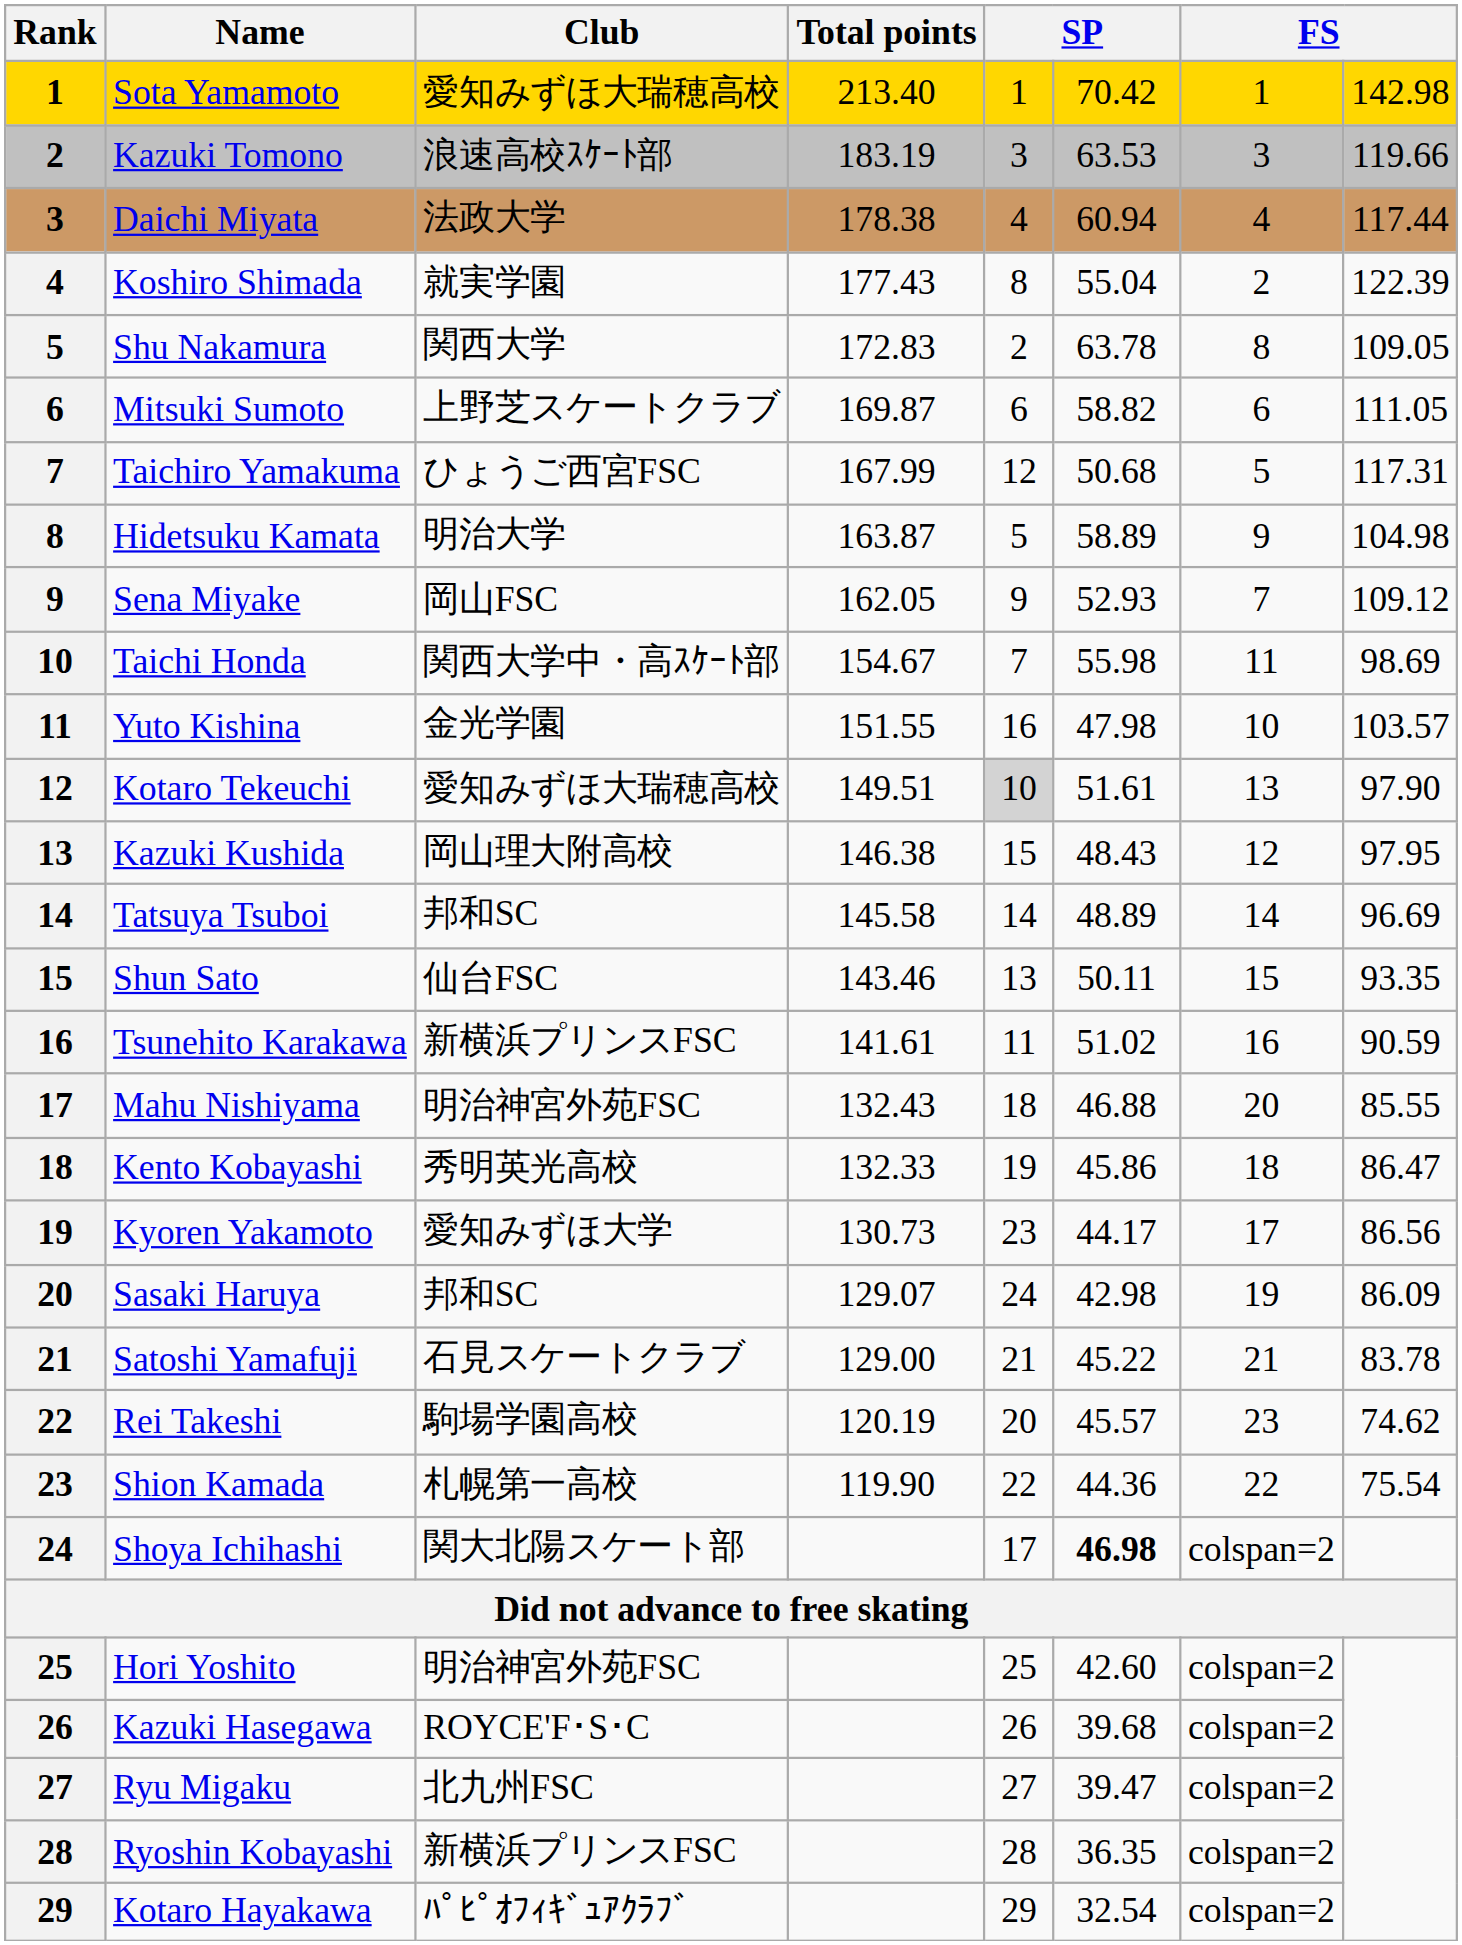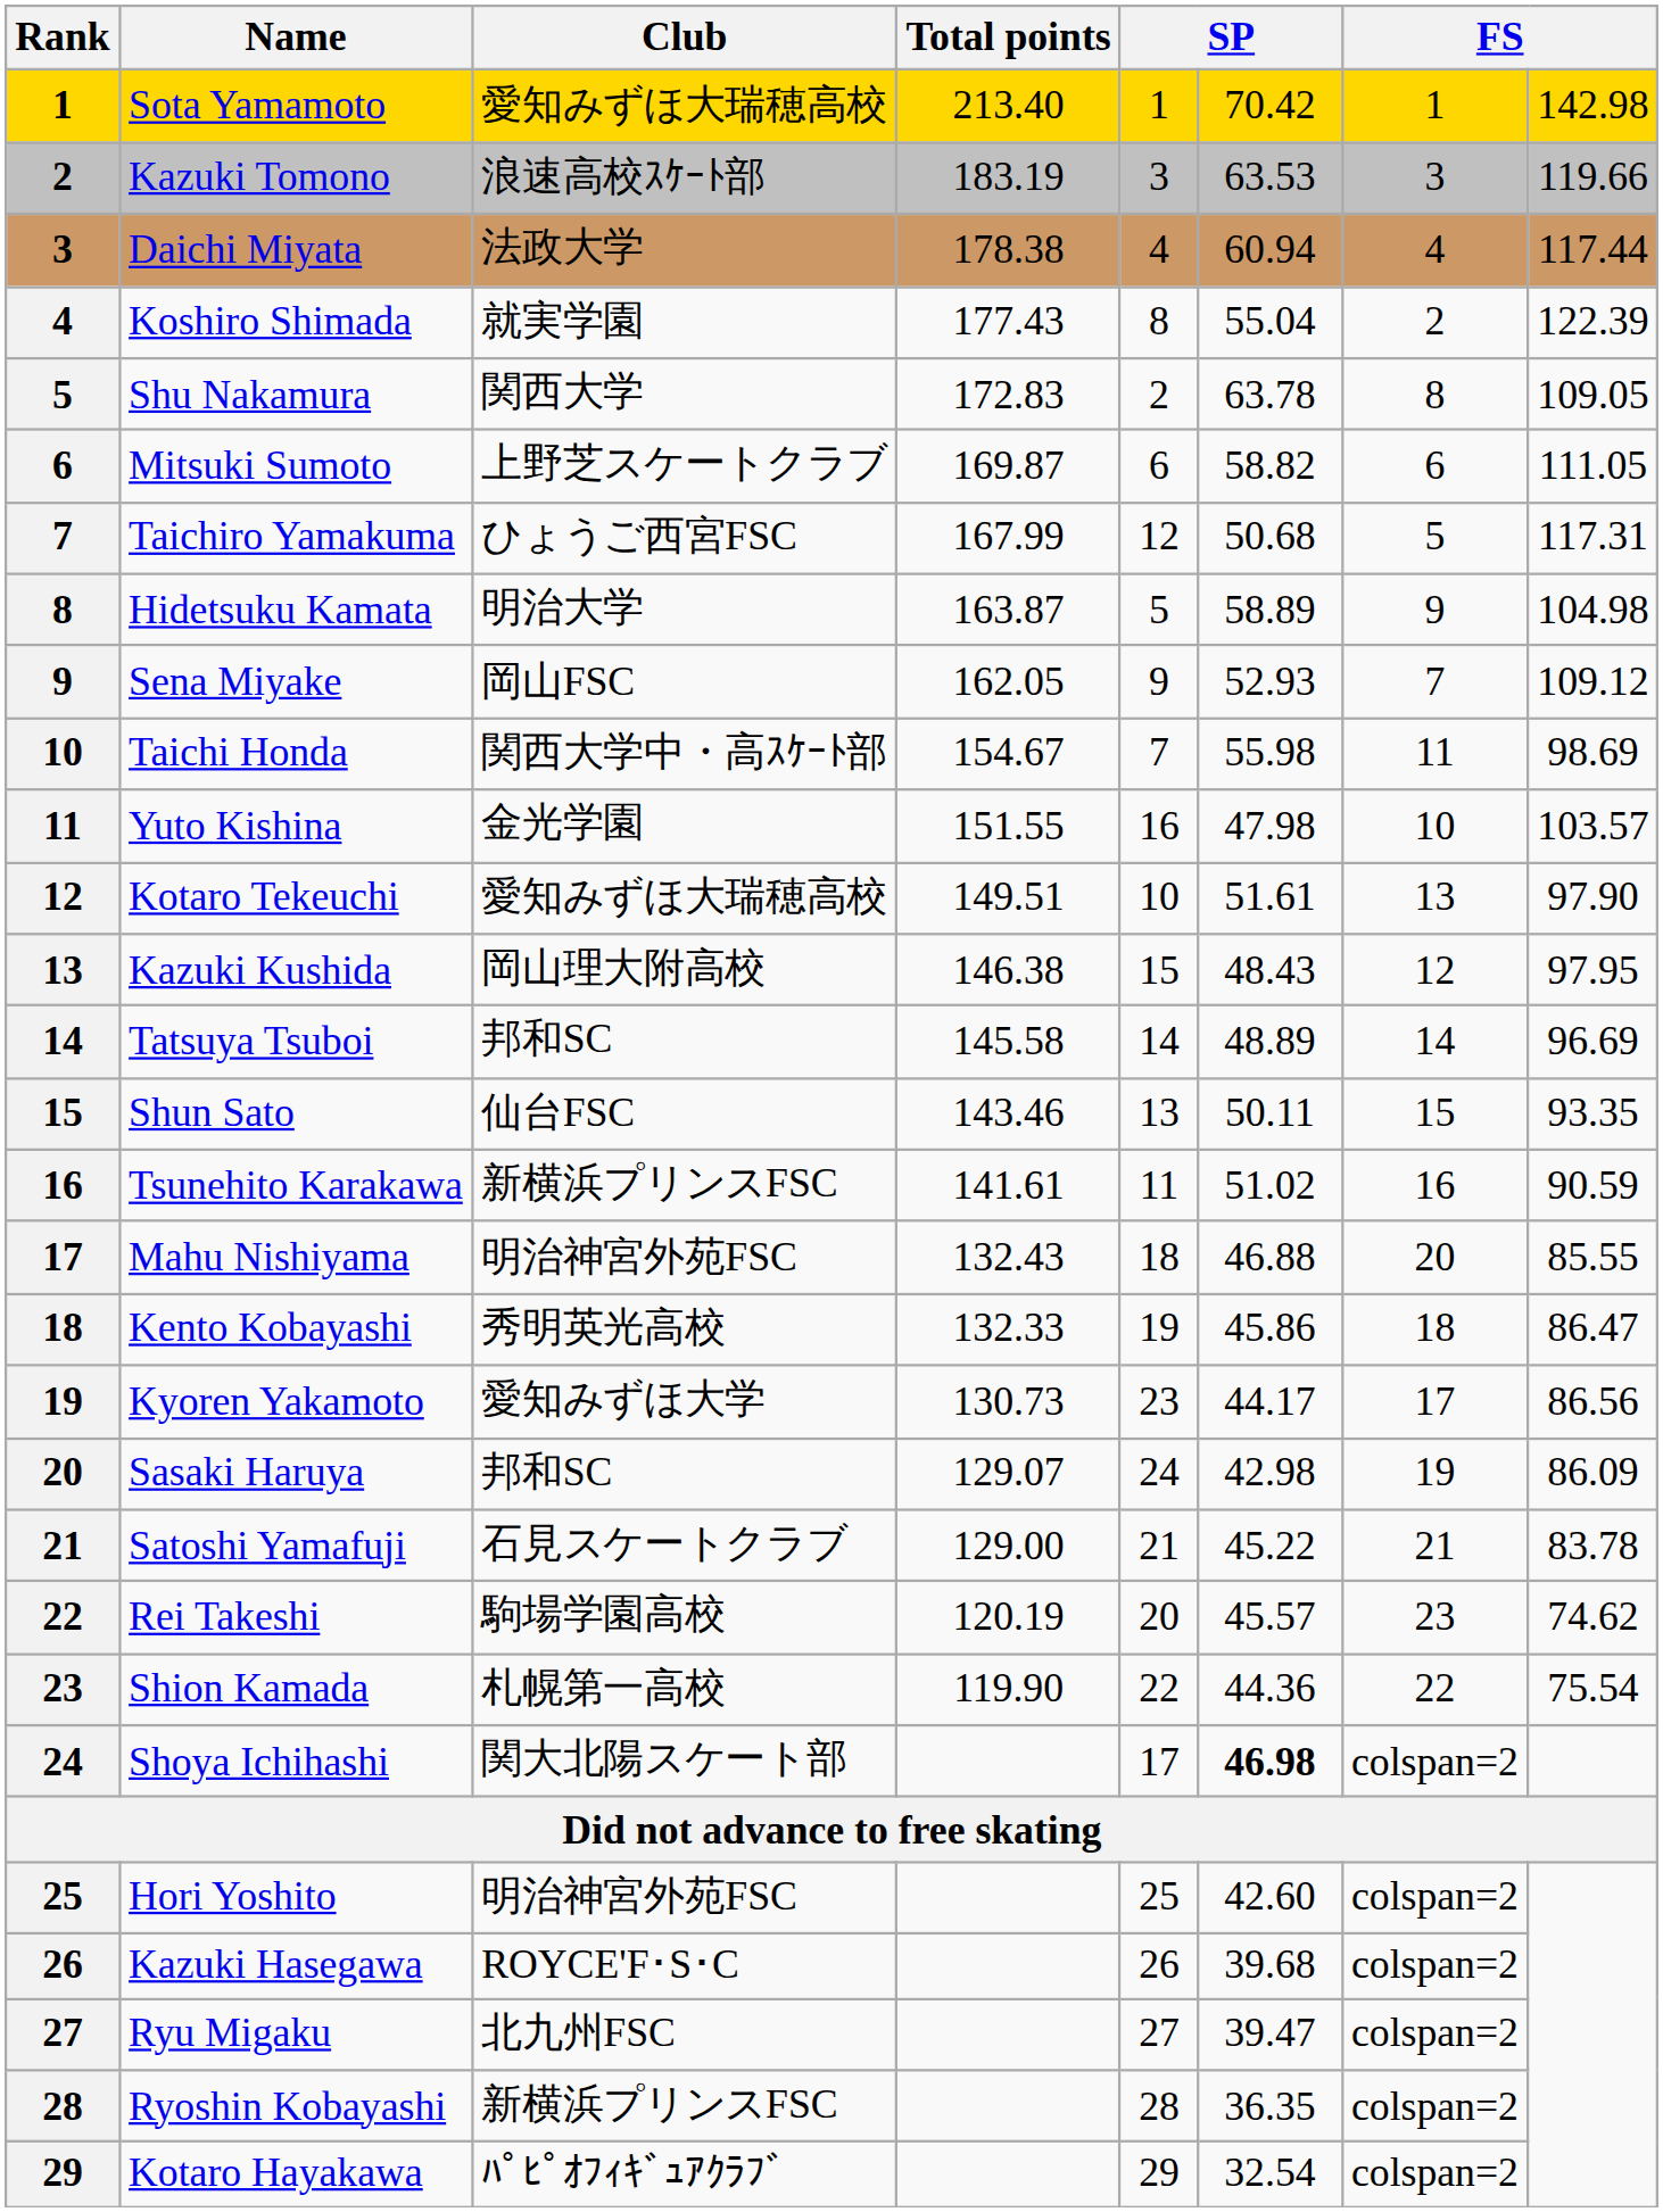 <table class="wikitable sortable">
 <tr>
 <th>Rank</th>
 <th>Name</th>
 <th>Club</th>
 <th>Total points</th>
 <th colspan="2" width="80px"><a href='#'>SP</a></th>
 <th colspan="2" width="80px"><a href='#'>FS</a></th>
 </tr>
 <tr bgcolor="gold">
 <td align="center"><strong>1</strong></td>
 <td><a href='#'>Sota Yamamoto</a></td>
 <td>愛知みずほ大瑞穂高校</td>
 <td align="center">213.40</td>
 <td align="center">1</td>
 <td align="center">70.42</td>
 <td align="center">1</td>
 <td align="center">142.98</td>
 </tr>
 <tr bgcolor="silver">
 <td align="center"><strong>2</strong></td>
 <td><a href='#'>Kazuki Tomono</a></td>
 <td>浪速高校ｽｹｰﾄ部</td>
 <td align="center">183.19</td>
 <td align="center">3</td>
 <td align="center">63.53</td>
 <td align="center">3</td>
 <td align="center">119.66</td>
 </tr>
 <tr bgcolor="cc9966">
 <td align="center"><strong>3</strong></td>
 <td><a href='#'>Daichi Miyata</a></td>
 <td>法政大学</td>
 <td align="center">178.38</td>
 <td align="center">4</td>
 <td align="center">60.94</td>
 <td align="center">4</td>
 <td align="center">117.44</td>
 </tr>
 <tr>
 <th>4</th>
 <td><a href='#'>Koshiro Shimada</a></td>
 <td>就実学園</td>
 <td align="center">177.43</td>
 <td align="center">8</td>
 <td align="center">55.04</td>
 <td align="center">2</td>
 <td align="center">122.39</td>
 </tr>
 <tr>
 <th>5</th>
 <td><a href='#'>Shu Nakamura</a></td>
 <td>関西大学</td>
 <td align="center">172.83</td>
 <td align="center">2</td>
 <td align="center">63.78</td>
 <td align="center">8</td>
 <td align="center">109.05</td>
 </tr>
 <tr>
 <th>6</th>
 <td><a href='#'>Mitsuki Sumoto</a></td>
 <td>上野芝スケートクラブ</td>
 <td align="center">169.87</td>
 <td align="center">6</td>
 <td align="center">58.82</td>
 <td align="center">6</td>
 <td align="center">111.05</td>
 </tr>
 <tr>
 <th>7</th>
 <td><a href='#'>Taichiro Yamakuma</a></td>
 <td>ひょうご西宮FSC</td>
 <td align="center">167.99</td>
 <td align="center">12</td>
 <td align="center">50.68</td>
 <td align="center">5</td>
 <td align="center">117.31</td>
 </tr>
 <tr>
 <th>8</th>
 <td><a href='#'>Hidetsuku Kamata</a></td>
 <td>明治大学</td>
 <td align="center">163.87</td>
 <td align="center">5</td>
 <td align="center">58.89</td>
 <td align="center">9</td>
 <td align="center">104.98</td>
 </tr>
 <tr>
 <th>9</th>
 <td><a href='#'>Sena Miyake</a></td>
 <td>岡山FSC</td>
 <td align="center">162.05</td>
 <td align="center">9</td>
 <td align="center">52.93</td>
 <td align="center">7</td>
 <td align="center">109.12</td>
 </tr>
 <tr>
 <th>10</th>
 <td><a href='#'>Taichi Honda</a></td>
 <td>関西大学中・高ｽｹｰﾄ部</td>
 <td align="center">154.67</td>
 <td align="center">7</td>
 <td align="center">55.98</td>
 <td align="center">11</td>
 <td align="center">98.69</td>
 </tr>
 <tr>
 <th>11</th>
 <td><a href='#'>Yuto Kishina</a></td>
 <td>金光学園</td>
 <td align="center">151.55</td>
 <td align="center">16</td>
 <td align="center">47.98</td>
 <td align="center">10</td>
 <td align="center">103.57</td>
 </tr>
 <tr>
 <th>12</th>
 <td><a href='#'>Kotaro Tekeuchi</a></td>
 <td>愛知みずほ大瑞穂高校</td>
 <td align="center">149.51</td>
-<td align="center" style="background: lightgrey;">10</td>
+<td align="center">10</td>
 <td align="center">51.61</td>
 <td align="center">13</td>
 <td align="center">97.90</td>
 </tr>
 <tr>
 <th>13</th>
 <td><a href='#'>Kazuki Kushida</a></td>
 <td>岡山理大附高校</td>
 <td align="center">146.38</td>
 <td align="center">15</td>
 <td align="center">48.43</td>
 <td align="center">12</td>
 <td align="center">97.95</td>
 </tr>
 <tr>
 <th>14</th>
 <td><a href='#'>Tatsuya Tsuboi</a></td>
 <td>邦和SC</td>
 <td align="center">145.58</td>
 <td align="center">14</td>
 <td align="center">48.89</td>
 <td align="center">14</td>
 <td align="center">96.69</td>
 </tr>
 <tr>
 <th>15</th>
 <td><a href='#'>Shun Sato</a></td>
 <td>仙台FSC</td>
 <td align="center">143.46</td>
 <td align="center">13</td>
 <td align="center">50.11</td>
 <td align="center">15</td>
 <td align="center">93.35</td>
 </tr>
 <tr>
 <th>16</th>
 <td><a href='#'>Tsunehito Karakawa</a></td>
 <td>新横浜プリンスFSC</td>
 <td align="center">141.61</td>
 <td align="center">11</td>
 <td align="center">51.02</td>
 <td align="center">16</td>
 <td align="center">90.59</td>
 </tr>
 <tr>
 <th>17</th>
 <td><a href='#'>Mahu Nishiyama</a></td>
 <td>明治神宮外苑FSC</td>
 <td align="center">132.43</td>
 <td align="center">18</td>
 <td align="center">46.88</td>
 <td align="center">20</td>
 <td align="center">85.55</td>
 </tr>
 <tr>
 <th>18</th>
 <td><a href='#'>Kento Kobayashi</a></td>
 <td>秀明英光高校</td>
 <td align="center">132.33</td>
 <td align="center">19</td>
 <td align="center">45.86</td>
 <td align="center">18</td>
 <td align="center">86.47</td>
 </tr>
 <tr>
 <th>19</th>
 <td><a href='#'>Kyoren Yakamoto</a></td>
 <td>愛知みずほ大学</td>
 <td align="center">130.73</td>
 <td align="center">23</td>
 <td align="center">44.17</td>
 <td align="center">17</td>
 <td align="center">86.56</td>
 </tr>
 <tr>
 <th>20</th>
 <td><a href='#'>Sasaki Haruya</a></td>
 <td>邦和SC</td>
 <td align="center">129.07</td>
 <td align="center">24</td>
 <td align="center">42.98</td>
 <td align="center">19</td>
 <td align="center">86.09</td>
 </tr>
 <tr>
 <th>21</th>
 <td><a href='#'>Satoshi Yamafuji</a></td>
 <td>石見スケートクラブ</td>
 <td align="center">129.00</td>
 <td align="center">21</td>
 <td align="center">45.22</td>
 <td align="center">21</td>
 <td align="center">83.78</td>
 </tr>
 <tr>
 <th>22</th>
 <td><a href='#'>Rei Takeshi</a></td>
 <td>駒場学園高校</td>
 <td align="center">120.19</td>
 <td align="center">20</td>
 <td align="center">45.57</td>
 <td align="center">23</td>
 <td align="center">74.62</td>
 </tr>
 <tr>
 <th>23</th>
 <td><a href='#'>Shion Kamada</a></td>
 <td>札幌第一高校</td>
 <td align="center">119.90</td>
 <td align="center">22</td>
 <td align="center">44.36</td>
 <td align="center">22</td>
 <td align="center">75.54</td>
 </tr>
 <tr>
 <th>24</th>
 <td><a href='#'>Shoya Ichihashi</a></td>
 <td>関大北陽スケート部</td>
 <td></td>
 <td align="center">17</td>
 <td align="center"><strong>46.98</strong></td>
 <td>colspan=2 </td>
 </tr>
 <tr>
 <th colspan=8>Did not advance to free skating</th>
 </tr>
 <tr>
 <th>25</th>
 <td><a href='#'>Hori Yoshito</a></td>
 <td>明治神宮外苑FSC</td>
 <td></td>
 <td align="center">25</td>
 <td align="center">42.60</td>
 <td>colspan=2 </td>
 </tr>
 <tr>
 <th>26</th>
 <td><a href='#'>Kazuki Hasegawa</a></td>
 <td>ROYCE'F･S･C</td>
 <td></td>
 <td align="center">26</td>
 <td align="center">39.68</td>
 <td>colspan=2 </td>
 </tr>
 <tr>
 <th>27</th>
 <td><a href='#'>Ryu Migaku</a></td>
 <td>北九州FSC</td>
 <td></td>
 <td align="center">27</td>
 <td align="center">39.47</td>
 <td>colspan=2 </td>
 </tr>
 <tr>
 <th>28</th>
 <td><a href='#'>Ryoshin Kobayashi</a></td>
 <td>新横浜プリンスFSC</td>
 <td></td>
 <td align="center">28</td>
 <td align="center">36.35</td>
 <td>colspan=2 </td>
 </tr>
 <tr>
 <th>29</th>
 <td><a href='#'>Kotaro Hayakawa</a></td>
 <td>ﾊﾟﾋﾟｵﾌｨｷﾞｭｱｸﾗﾌﾞ</td>
 <td></td>
 <td align="center">29</td>
 <td align="center">32.54</td>
 <td>colspan=2 </td>
 </tr>
 </table>
